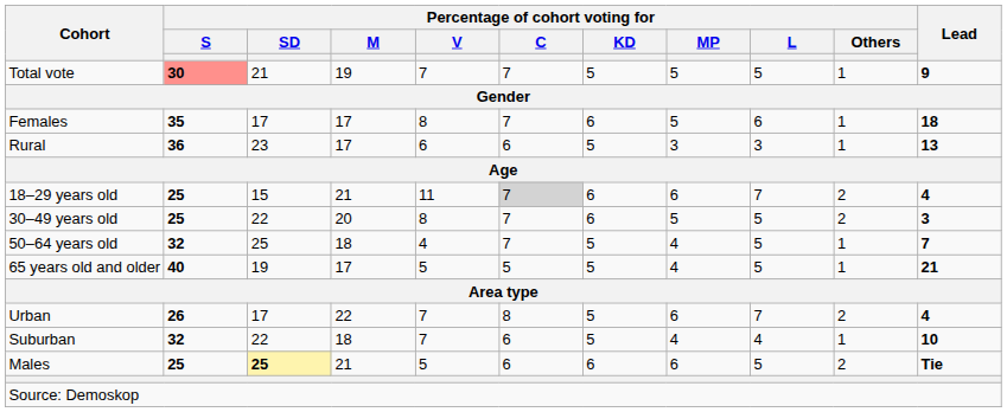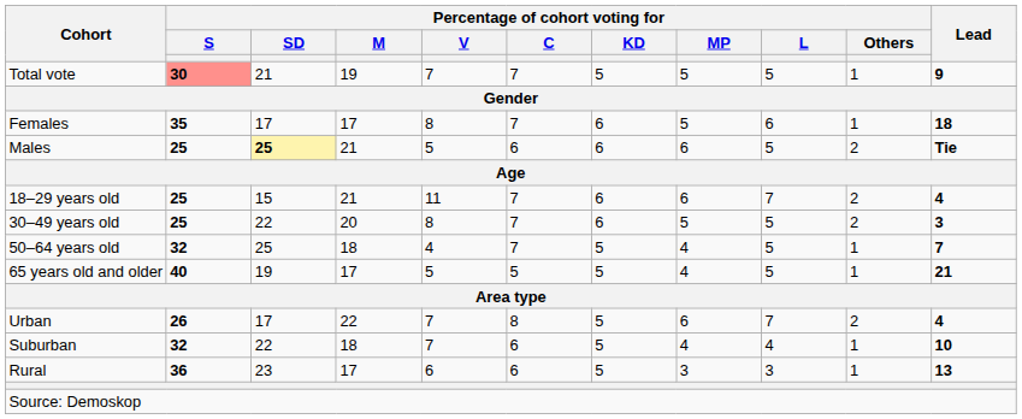 <table class="wikitable" style="font-size:95%;">
 <tr>
 <th rowspan="3">Cohort</th>
 <th colspan="9">Percentage of cohort voting for</th>
 <th scope="col" style="width:5em;" rowspan="3">Lead</th>
 </tr>
 <tr>
 <th scope="col" style="width:5em;"><a href='#'>S</a></th>
 <th scope="col" style="width:5em;"><a href='#'>SD</a></th>
 <th scope="col" style="width:5em;"><a href='#'>M</a></th>
 <th scope="col" style="width:5em;"><a href='#'>V</a></th>
 <th scope="col" style="width:5em;"><a href='#'>C</a></th>
 <th scope="col" style="width:5em;"><a href='#'>KD</a></th>
 <th scope="col" style="width:5em;"><a href='#'>MP</a></th>
 <th scope="col" style="width:5em;"><a href='#'>L</a></th>
 <th scope="col" style="width:5em;">Others</th>
 </tr>
 <tr>
 <th style="background:"></th>
 <th style="background:"></th>
 <th style="background:"></th>
 <th style="background:"></th>
 <th style="background:"></th>
 <th style="background:"></th>
 <th style="background:"></th>
 <th style="background:"></th>
 <th style="background:"></th>
 </tr>
 <tr>
 <td>Total vote</td>
 <td style="background:#ff908c;"><strong>30</strong></td>
 <td>21</td>
 <td>19</td>
 <td>7</td>
 <td>7</td>
 <td>5</td>
 <td>5</td>
 <td>5</td>
 <td>1</td>
 <td style="background:"><strong>9</strong></td>
 </tr>
 <tr>
 <th colspan="11">Gender</th>
 </tr>
 <tr>
 <td>Females</td>
 <td><strong>35</strong></td>
 <td>17</td>
 <td>17</td>
 <td>8</td>
 <td>7</td>
 <td>6</td>
 <td>5</td>
 <td>6</td>
 <td>1</td>
 <td style="background:"><strong>18</strong></td>
 </tr>
 <tr>
-<td>Rural</td>
-<td><strong>36</strong></td>
-<td>23</td>
-<td>17</td>
+<td>Males</td>
+<td><strong>25</strong></td>
+<td style="background:#FEF4AE;"><strong>25</strong></td>
+<td>21</td>
+<td>5</td>
+<td>6</td>
 <td>6</td>
 <td>6</td>
 <td>5</td>
-<td>3</td>
-<td>3</td>
-<td>1</td>
-<td style="background:"><strong>13</strong></td>
+<td>2</td>
+<td><strong>Tie</strong></td>
 </tr>
 <tr>
 <th colspan="11">Age</th>
 </tr>
 <tr>
 <td>18–29 years old</td>
 <td><strong>25</strong></td>
 <td>15</td>
 <td>21</td>
 <td>11</td>
-<td style="background: lightgrey;">7</td>
+<td>7</td>
 <td>6</td>
 <td>6</td>
 <td>7</td>
 <td>2</td>
 <td style="background:"><strong>4</strong></td>
 </tr>
 <tr>
 <td>30–49 years old</td>
 <td><strong>25</strong></td>
 <td>22</td>
 <td>20</td>
 <td>8</td>
 <td>7</td>
 <td>6</td>
 <td>5</td>
 <td>5</td>
 <td>2</td>
 <td style="background:"><strong>3</strong></td>
 </tr>
 <tr>
 <td>50–64 years old</td>
 <td><strong>32</strong></td>
 <td>25</td>
 <td>18</td>
 <td>4</td>
 <td>7</td>
 <td>5</td>
 <td>4</td>
 <td>5</td>
 <td>1</td>
 <td style="background:"><strong>7</strong></td>
 </tr>
 <tr>
 <td>65 years old and older</td>
 <td><strong>40</strong></td>
 <td>19</td>
 <td>17</td>
 <td>5</td>
 <td>5</td>
 <td>5</td>
 <td>4</td>
 <td>5</td>
 <td>1</td>
 <td style="background:"><strong>21</strong></td>
 </tr>
 <tr>
 <th colspan="11">Area type</th>
 </tr>
 <tr>
 <td>Urban</td>
 <td><strong>26</strong></td>
 <td>17</td>
 <td>22</td>
 <td>7</td>
 <td>8</td>
 <td>5</td>
 <td>6</td>
 <td>7</td>
 <td>2</td>
 <td style="background:"><strong>4</strong></td>
 </tr>
 <tr>
 <td>Suburban</td>
 <td><strong>32</strong></td>
 <td>22</td>
 <td>18</td>
 <td>7</td>
 <td>6</td>
 <td>5</td>
 <td>4</td>
 <td>4</td>
 <td>1</td>
 <td style="background:"><strong>10</strong></td>
 </tr>
 <tr>
-<td>Males</td>
-<td><strong>25</strong></td>
-<td style="background:#FEF4AE;"><strong>25</strong></td>
-<td>21</td>
-<td>5</td>
-<td>6</td>
+<td>Rural</td>
+<td><strong>36</strong></td>
+<td>23</td>
+<td>17</td>
 <td>6</td>
 <td>6</td>
 <td>5</td>
-<td>2</td>
-<td><strong>Tie</strong></td>
+<td>3</td>
+<td>3</td>
+<td>1</td>
+<td style="background:"><strong>13</strong></td>
 </tr>
 <tr>
 <th colspan="11!"></th>
 </tr>
 <tr>
 <td colspan="11">Source: Demoskop</td>
 </tr>
 </table>
